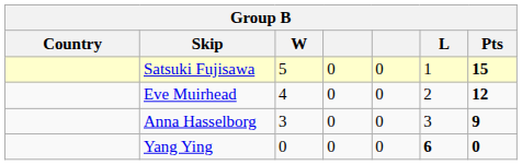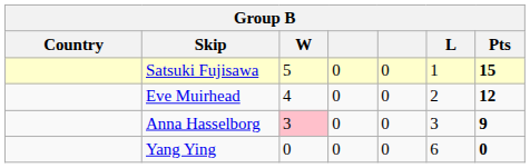 <table class=wikitable>
 <tr>
 <th colspan=7>Group B</th>
 </tr>
 <tr>
 <th width=125>Country</th>
 <th width=125>Skip</th>
 <th width=40>W</th>
 <th width=40></th>
 <th width=40></th>
 <th width=40>L</th>
 <th width=40>Pts</th>
 </tr>
 <tr bgcolor=#ffffcc>
 <td></td>
 <td><a href='#'>Satsuki Fujisawa</a></td>
 <td>5</td>
 <td>0</td>
 <td>0</td>
 <td>1</td>
 <td><strong>15</strong></td>
 </tr>
 <tr>
 <td></td>
 <td><a href='#'>Eve Muirhead</a></td>
 <td>4</td>
 <td>0</td>
 <td>0</td>
 <td>2</td>
 <td><strong>12</strong></td>
 </tr>
 <tr>
 <td></td>
 <td><a href='#'>Anna Hasselborg</a></td>
-<td>3</td>
+<td style="background: pink;">3</td>
 <td>0</td>
 <td>0</td>
 <td>3</td>
 <td><strong>9</strong></td>
 </tr>
 <tr>
 <td></td>
 <td><a href='#'>Yang Ying</a></td>
 <td>0</td>
 <td>0</td>
 <td>0</td>
-<td><strong>6</strong></td>
+<td>6</td>
 <td><strong>0</strong></td>
 </tr>
 </table>
